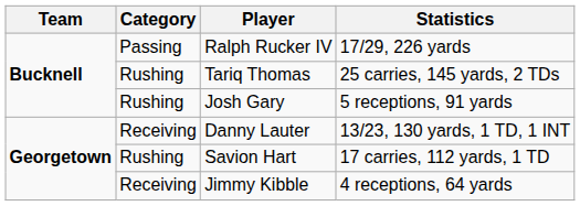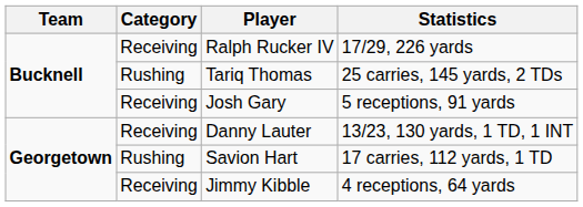 <table class="wikitable" style="float: right;">
 <tr>
 <th>Team</th>
 <th>Category</th>
 <th>Player</th>
 <th>Statistics</th>
 </tr>
 <tr>
 <td rowspan=3><strong>Bucknell</strong></td>
-<td>Passing</td>
+<td>Receiving</td>
 <td>Ralph Rucker IV</td>
 <td>17/29, 226 yards</td>
 </tr>
 <tr>
 <td>Rushing</td>
 <td>Tariq Thomas</td>
 <td>25 carries, 145 yards, 2 TDs</td>
 </tr>
 <tr>
-<td>Rushing</td>
+<td>Receiving</td>
 <td>Josh Gary</td>
 <td>5 receptions, 91 yards</td>
 </tr>
 <tr>
 <td rowspan=3><strong>Georgetown</strong></td>
 <td>Receiving</td>
 <td>Danny Lauter</td>
 <td>13/23, 130 yards, 1 TD, 1 INT</td>
 </tr>
 <tr>
 <td>Rushing</td>
 <td>Savion Hart</td>
 <td>17 carries, 112 yards, 1 TD</td>
 </tr>
 <tr>
 <td>Receiving</td>
 <td>Jimmy Kibble</td>
 <td>4 receptions, 64 yards</td>
 </tr>
 </table>
